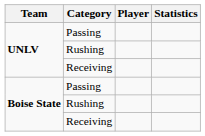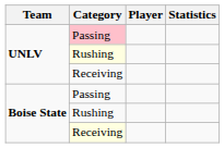 <table class="wikitable" style="float: right;">
 <tr>
 <th>Team</th>
 <th>Category</th>
 <th>Player</th>
 <th>Statistics</th>
 </tr>
 <tr>
 <td rowspan=3><strong>UNLV</strong></td>
-<td>Passing</td>
+<td style="background: pink;">Passing</td>
 <td></td>
 <td></td>
 </tr>
 <tr>
-<td>Rushing</td>
+<td style="background: lightyellow;">Rushing</td>
 <td></td>
 <td></td>
 </tr>
 <tr>
 <td>Receiving</td>
 <td></td>
 <td></td>
 </tr>
 <tr>
 <td rowspan=3><strong>Boise State</strong></td>
 <td>Passing</td>
 <td></td>
 <td></td>
 </tr>
 <tr>
 <td>Rushing</td>
 <td></td>
 <td></td>
 </tr>
 <tr>
-<td>Receiving</td>
+<td style="background: lightyellow;">Receiving</td>
 <td></td>
 <td></td>
 </tr>
 </table>
